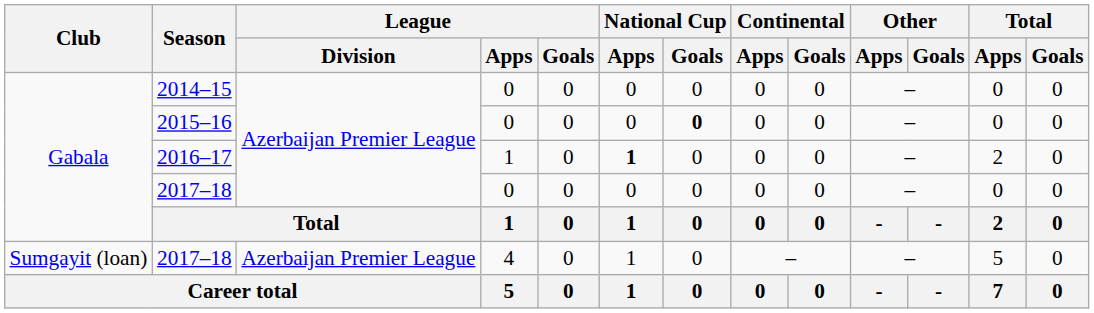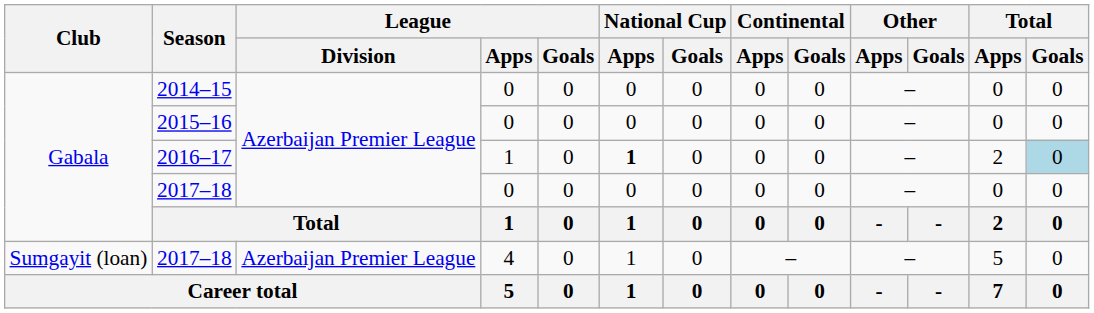 <table class="wikitable" style="text-align: center;">
 <tr>
 <th rowspan="2">Club</th>
 <th rowspan="2">Season</th>
 <th colspan="3">League</th>
 <th colspan="2">National Cup</th>
 <th colspan="2">Continental</th>
 <th colspan="2">Other</th>
 <th colspan="2">Total</th>
 </tr>
 <tr>
 <th>Division</th>
 <th>Apps</th>
 <th>Goals</th>
 <th>Apps</th>
 <th>Goals</th>
 <th>Apps</th>
 <th>Goals</th>
 <th>Apps</th>
 <th>Goals</th>
 <th>Apps</th>
 <th>Goals</th>
 </tr>
 <tr>
 <td rowspan="5" valign="center"><a href='#'>Gabala</a></td>
 <td><a href='#'>2014–15</a></td>
 <td rowspan="4" valign="center"><a href='#'>Azerbaijan Premier League</a></td>
 <td>0</td>
 <td>0</td>
 <td>0</td>
 <td>0</td>
 <td>0</td>
 <td>0</td>
 <td colspan="2">–</td>
 <td>0</td>
 <td>0</td>
 </tr>
 <tr>
 <td><a href='#'>2015–16</a></td>
 <td>0</td>
 <td>0</td>
 <td>0</td>
-<td><strong>0</strong></td>
+<td>0</td>
 <td>0</td>
 <td>0</td>
 <td colspan="2">–</td>
 <td>0</td>
 <td>0</td>
 </tr>
 <tr>
 <td><a href='#'>2016–17</a></td>
 <td>1</td>
 <td>0</td>
 <td><strong>1</strong></td>
 <td>0</td>
 <td>0</td>
 <td>0</td>
 <td colspan="2">–</td>
 <td>2</td>
-<td>0</td>
+<td style="background: lightblue;">0</td>
 </tr>
 <tr>
 <td><a href='#'>2017–18</a></td>
 <td>0</td>
 <td>0</td>
 <td>0</td>
 <td>0</td>
 <td>0</td>
 <td>0</td>
 <td colspan="2">–</td>
 <td>0</td>
 <td>0</td>
 </tr>
 <tr>
 <th colspan="2">Total</th>
 <th>1</th>
 <th>0</th>
 <th>1</th>
 <th>0</th>
 <th>0</th>
 <th>0</th>
 <th>-</th>
 <th>-</th>
 <th>2</th>
 <th>0</th>
 </tr>
 <tr>
 <td valign="center"><a href='#'>Sumgayit</a> (loan)</td>
 <td><a href='#'>2017–18</a></td>
 <td><a href='#'>Azerbaijan Premier League</a></td>
 <td>4</td>
 <td>0</td>
 <td>1</td>
 <td>0</td>
 <td colspan="2">–</td>
 <td colspan="2">–</td>
 <td>5</td>
 <td>0</td>
 </tr>
 <tr>
 <th colspan="3">Career total</th>
 <th>5</th>
 <th>0</th>
 <th>1</th>
 <th>0</th>
 <th>0</th>
 <th>0</th>
 <th>-</th>
 <th>-</th>
 <th>7</th>
 <th>0</th>
 </tr>
 </table>
